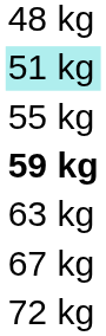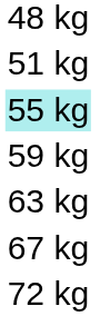 <table>
 <tr>
 <td>48 kg<br></td>
 <td></td>
 <td></td>
 <td></td>
 </tr>
 <tr>
-<td style="background: paleturquoise;">51 kg<br></td>
+<td>51 kg<br></td>
 <td></td>
 <td></td>
 <td></td>
 </tr>
 <tr>
-<td>55 kg<br></td>
+<td style="background: paleturquoise;">55 kg<br></td>
 <td></td>
 <td></td>
 <td></td>
 </tr>
 <tr>
-<td><strong>59 kg<br></strong></td>
+<td>59 kg<br></td>
 <td></td>
 <td></td>
 <td></td>
 </tr>
 <tr>
 <td>63 kg<br></td>
 <td></td>
 <td></td>
 <td></td>
 </tr>
 <tr>
 <td>67 kg<br></td>
 <td></td>
 <td></td>
 <td></td>
 </tr>
 <tr>
 <td>72 kg<br></td>
 <td></td>
 <td></td>
 <td></td>
 </tr>
 </table>
